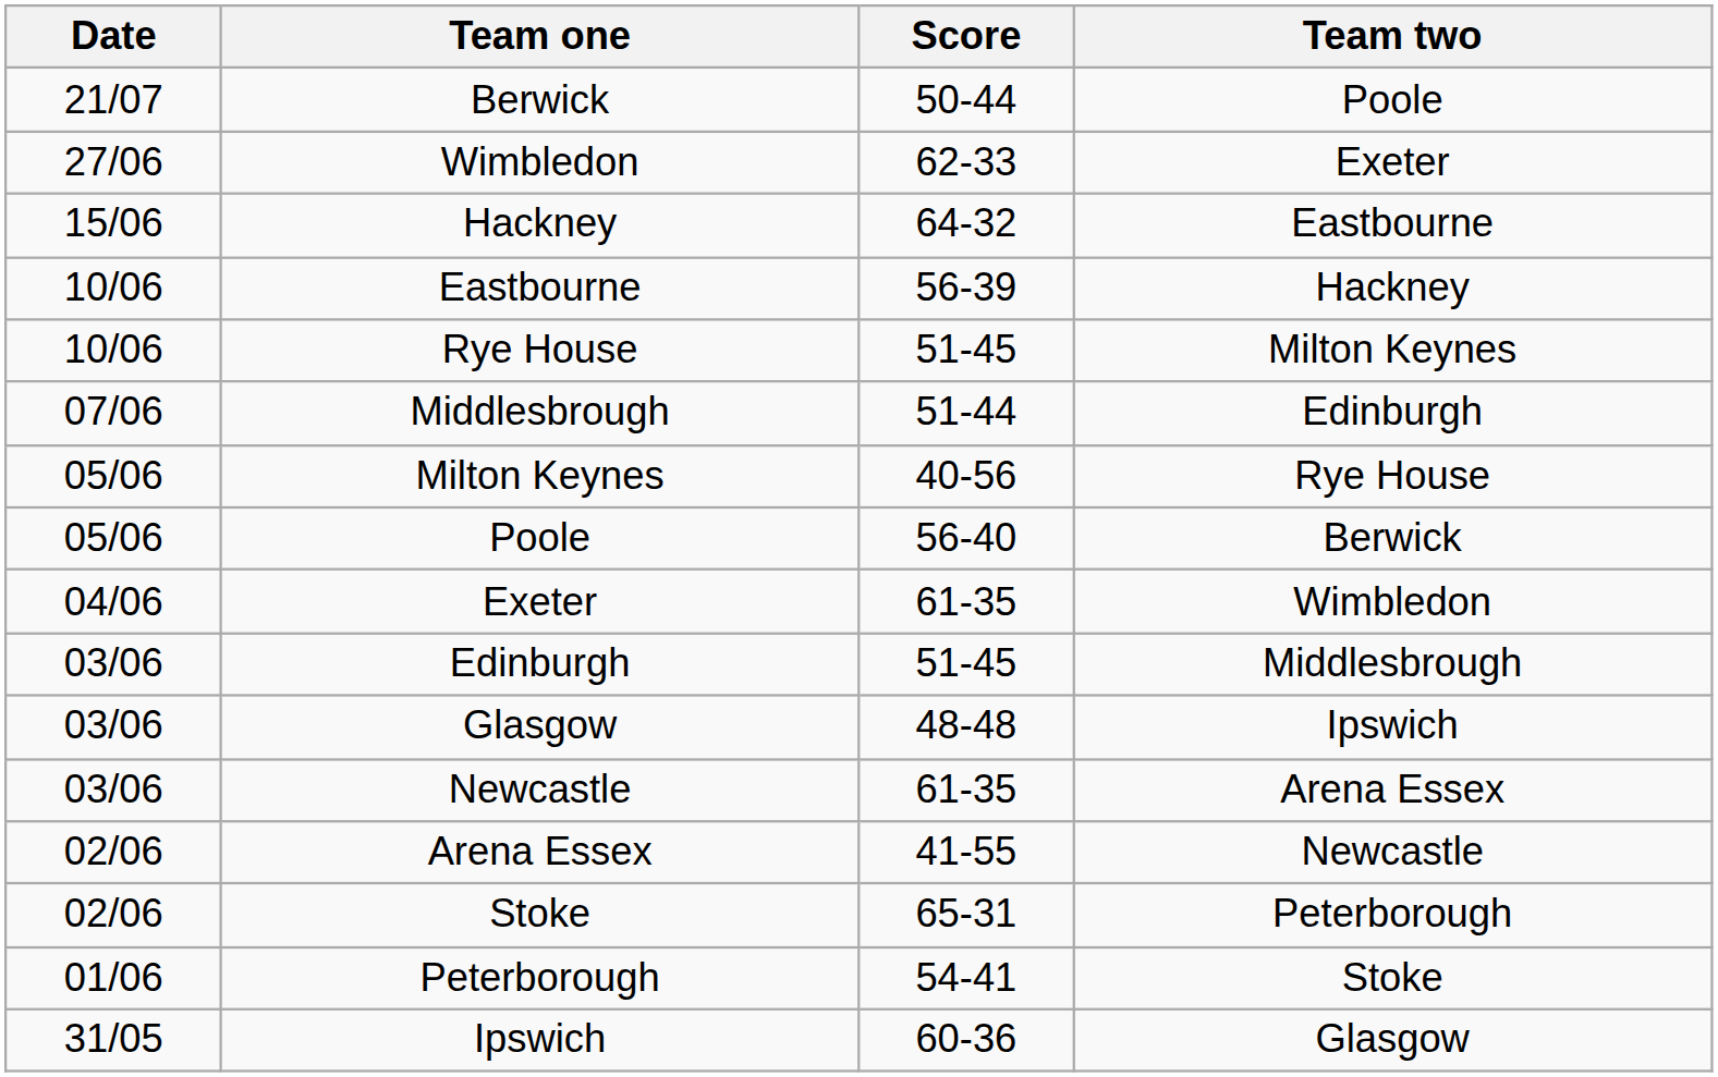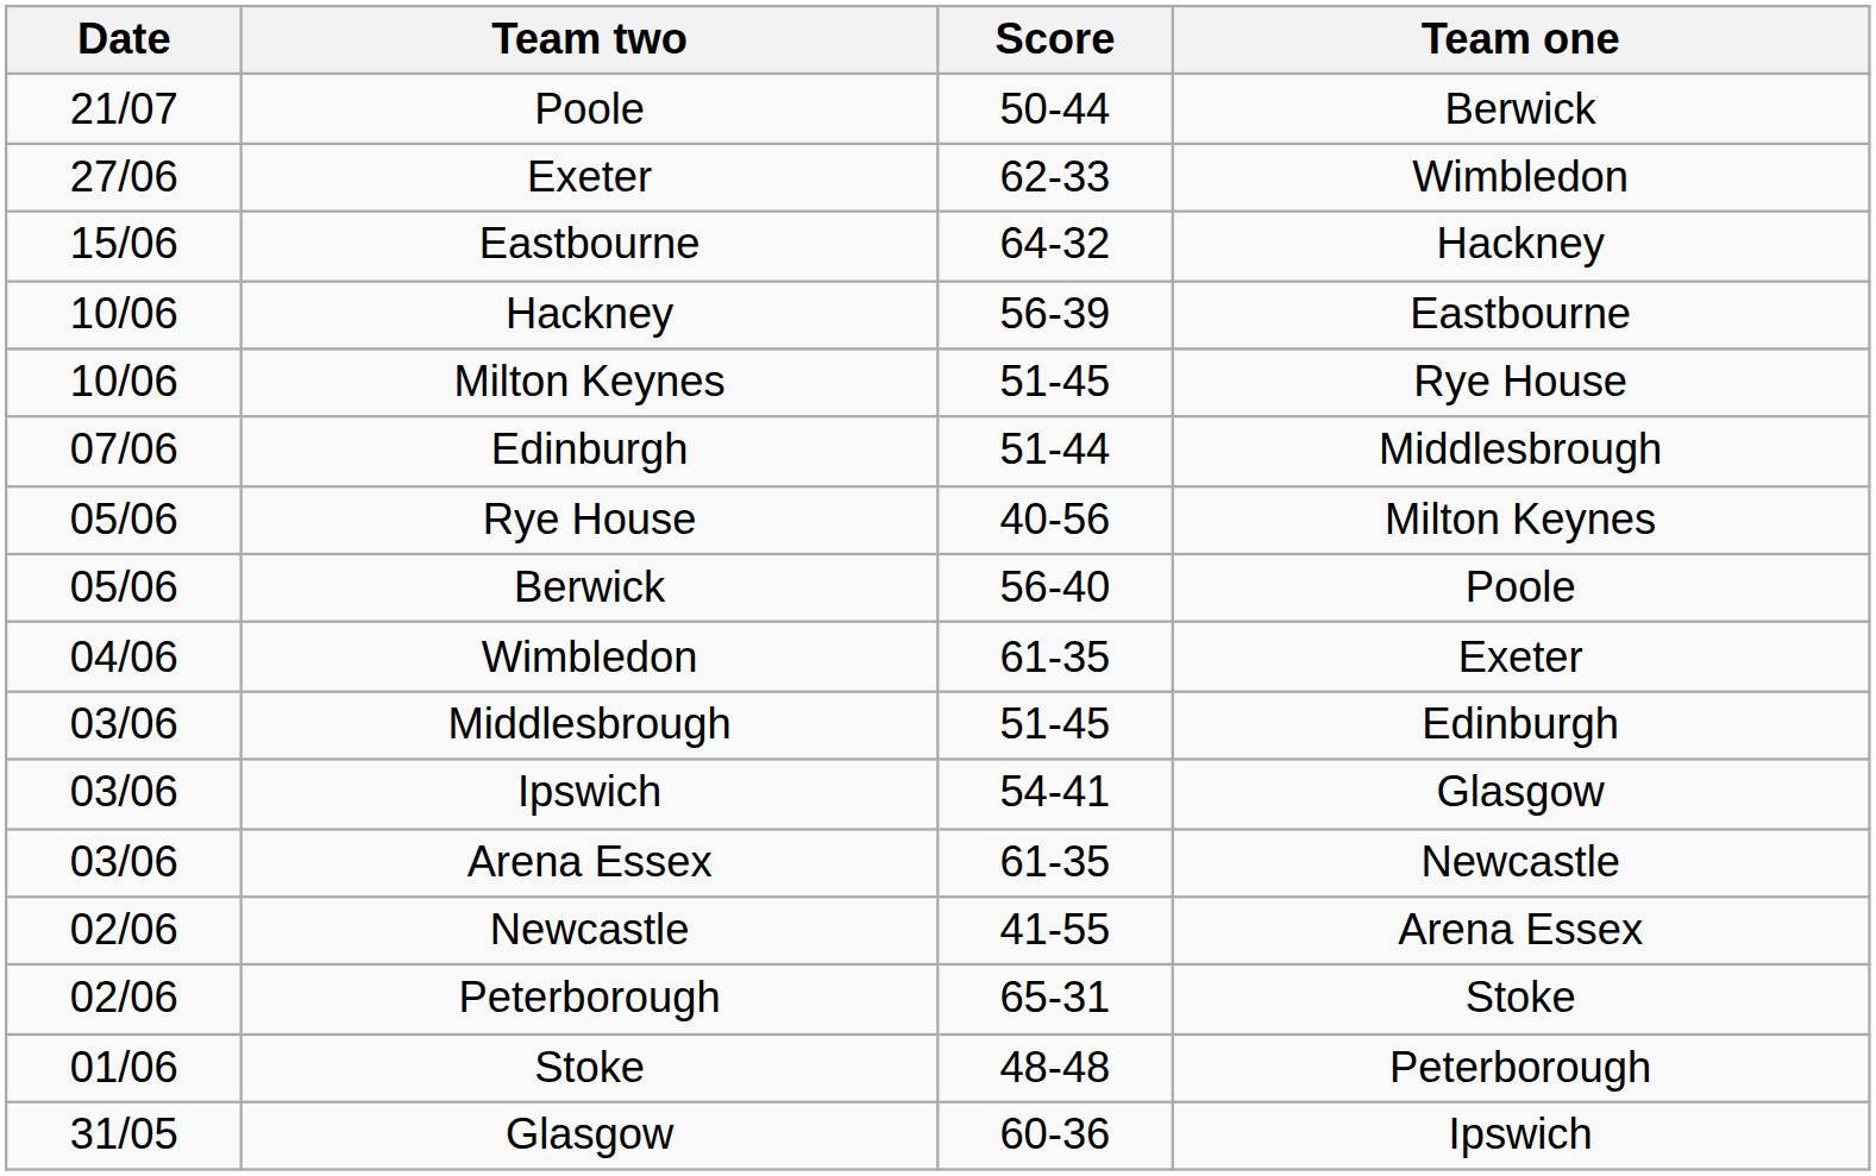 <table class="wikitable" style="text-align: center">
 <tr>
 <th width=80>Date</th>
+<th width=250>Team two</th>
+<th width=80>Score</th>
 <th width=250>Team one</th>
-<th width=80>Score</th>
-<th width=250>Team two</th>
 </tr>
 <tr>
 <td>21/07</td>
+<td>Poole</td>
+<td>50-44</td>
 <td>Berwick</td>
-<td>50-44</td>
-<td>Poole</td>
 </tr>
 <tr>
 <td>27/06</td>
+<td>Exeter</td>
+<td>62-33</td>
 <td>Wimbledon</td>
-<td>62-33</td>
-<td>Exeter</td>
 </tr>
 <tr>
 <td>15/06</td>
+<td>Eastbourne</td>
+<td>64-32</td>
 <td>Hackney</td>
-<td>64-32</td>
+</tr>
+<tr>
+<td>10/06</td>
+<td>Hackney</td>
+<td>56-39</td>
 <td>Eastbourne</td>
 </tr>
 <tr>
 <td>10/06</td>
-<td>Eastbourne</td>
-<td>56-39</td>
-<td>Hackney</td>
+<td>Milton Keynes</td>
+<td>51-45</td>
+<td>Rye House</td>
 </tr>
 <tr>
-<td>10/06</td>
+<td>07/06</td>
+<td>Edinburgh</td>
+<td>51-44</td>
+<td>Middlesbrough</td>
+</tr>
+<tr>
+<td>05/06</td>
 <td>Rye House</td>
-<td>51-45</td>
+<td>40-56</td>
 <td>Milton Keynes</td>
 </tr>
 <tr>
-<td>07/06</td>
+<td>05/06</td>
+<td>Berwick</td>
+<td>56-40</td>
+<td>Poole</td>
+</tr>
+<tr>
+<td>04/06</td>
+<td>Wimbledon</td>
+<td>61-35</td>
+<td>Exeter</td>
+</tr>
+<tr>
+<td>03/06</td>
 <td>Middlesbrough</td>
-<td>51-44</td>
+<td>51-45</td>
 <td>Edinburgh</td>
 </tr>
 <tr>
-<td>05/06</td>
-<td>Milton Keynes</td>
-<td>40-56</td>
-<td>Rye House</td>
-</tr>
-<tr>
-<td>05/06</td>
-<td>Poole</td>
-<td>56-40</td>
-<td>Berwick</td>
-</tr>
-<tr>
-<td>04/06</td>
-<td>Exeter</td>
-<td>61-35</td>
-<td>Wimbledon</td>
+<td>03/06</td>
+<td>Ipswich</td>
+<td>54-41</td>
+<td>Glasgow</td>
 </tr>
 <tr>
 <td>03/06</td>
-<td>Edinburgh</td>
-<td>51-45</td>
-<td>Middlesbrough</td>
+<td>Arena Essex</td>
+<td>61-35</td>
+<td>Newcastle</td>
 </tr>
 <tr>
-<td>03/06</td>
-<td>Glasgow</td>
-<td>48-48</td>
-<td>Ipswich</td>
-</tr>
-<tr>
-<td>03/06</td>
+<td>02/06</td>
 <td>Newcastle</td>
-<td>61-35</td>
+<td>41-55</td>
 <td>Arena Essex</td>
 </tr>
 <tr>
 <td>02/06</td>
-<td>Arena Essex</td>
-<td>41-55</td>
-<td>Newcastle</td>
+<td>Peterborough</td>
+<td>65-31</td>
+<td>Stoke</td>
 </tr>
 <tr>
-<td>02/06</td>
+<td>01/06</td>
 <td>Stoke</td>
-<td>65-31</td>
+<td>48-48</td>
 <td>Peterborough</td>
 </tr>
 <tr>
-<td>01/06</td>
-<td>Peterborough</td>
-<td>54-41</td>
-<td>Stoke</td>
-</tr>
-<tr>
 <td>31/05</td>
+<td>Glasgow</td>
+<td>60-36</td>
 <td>Ipswich</td>
-<td>60-36</td>
-<td>Glasgow</td>
 </tr>
 </table>
